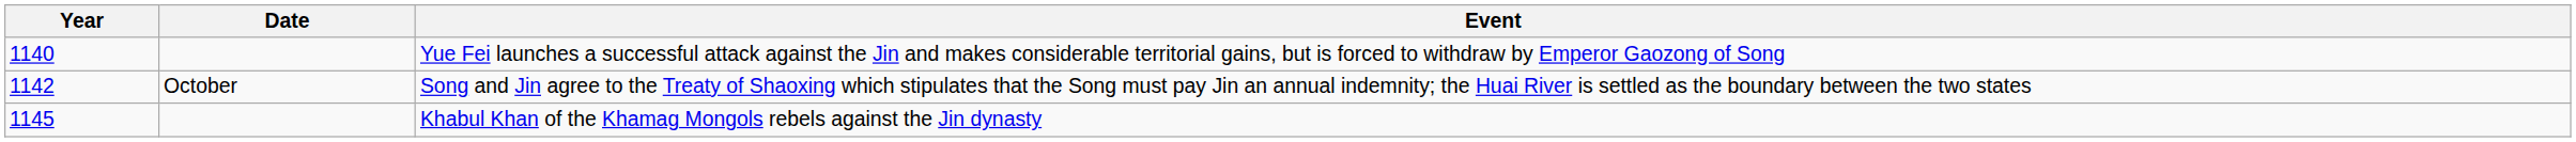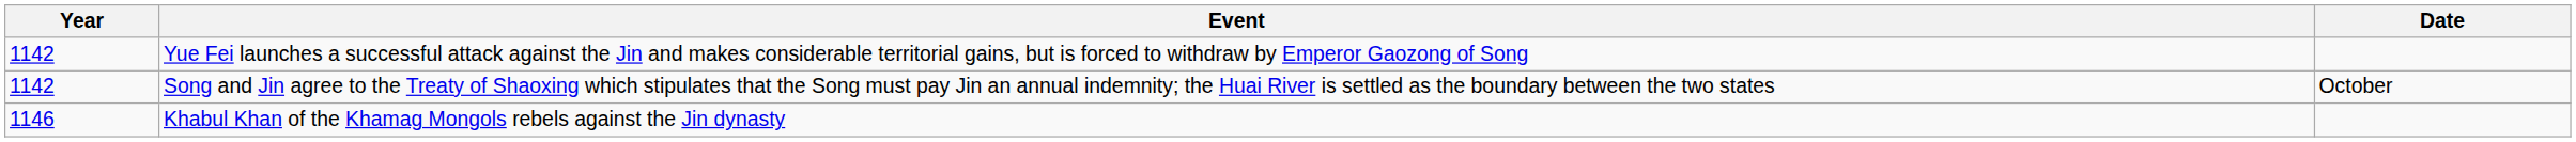 <table class="wikitable" width="100%">
 <tr>
 <th style="width:6%">Year</th>
+<th>Event</th>
 <th style="width:10%">Date</th>
-<th>Event</th>
-</tr>
-<tr>
-<td><a href='#'>1140</a></td>
-<td></td>
-<td><a href='#'>Yue Fei</a> launches a successful attack against the <a href='#'>Jin</a> and makes considerable territorial gains, but is forced to withdraw by <a href='#'>Emperor Gaozong of Song</a></td>
 </tr>
 <tr>
 <td><a href='#'>1142</a></td>
-<td>October</td>
-<td><a href='#'>Song</a> and <a href='#'>Jin</a> agree to the <a href='#'>Treaty of Shaoxing</a> which stipulates that the Song must pay Jin an annual indemnity; the <a href='#'>Huai River</a> is settled as the boundary between the two states</td>
+<td><a href='#'>Yue Fei</a> launches a successful attack against the <a href='#'>Jin</a> and makes considerable territorial gains, but is forced to withdraw by <a href='#'>Emperor Gaozong of Song</a></td>
+<td></td>
 </tr>
 <tr>
-<td><a href='#'>1145</a></td>
+<td><a href='#'>1142</a></td>
+<td><a href='#'>Song</a> and <a href='#'>Jin</a> agree to the <a href='#'>Treaty of Shaoxing</a> which stipulates that the Song must pay Jin an annual indemnity; the <a href='#'>Huai River</a> is settled as the boundary between the two states</td>
+<td>October</td>
+</tr>
+<tr>
+<td><a href='#'>1146</a></td>
+<td><a href='#'>Khabul Khan</a> of the <a href='#'>Khamag Mongols</a> rebels against the <a href='#'>Jin dynasty</a></td>
 <td></td>
-<td><a href='#'>Khabul Khan</a> of the <a href='#'>Khamag Mongols</a> rebels against the <a href='#'>Jin dynasty</a></td>
 </tr>
 </table>
